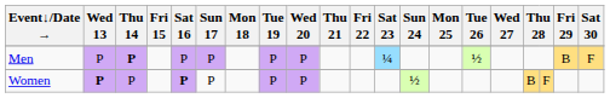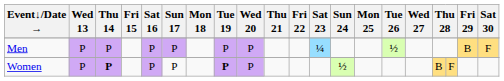 <table class="wikitable" style="margin:0.5em auto; font-size:90%; line-height:1.25em;">
 <tr style="text-align:center;">
 <th>Event↓/Date →</th>
 <th>Wed 13</th>
 <th>Thu 14</th>
 <th>Fri 15</th>
 <th>Sat 16</th>
 <th>Sun 17</th>
 <th>Mon 18</th>
 <th>Tue 19</th>
 <th>Wed 20</th>
 <th>Thu 21</th>
 <th>Fri 22</th>
 <th>Sat 23</th>
 <th>Sun 24</th>
 <th>Mon 25</th>
 <th>Tue 26</th>
 <th>Wed 27</th>
 <th colspan=2>Thu 28</th>
 <th>Fri 29</th>
 <th>Sat 30</th>
 </tr>
 <tr>
 </tr>
 <tr style="text-align:center;">
 <td style="text-align:left;"><a href='#'>Men</a></td>
 <td style="background-color:#D0A9F5;">P</td>
-<td style="background-color:#D0A9F5;"><strong>P</strong></td>
+<td style="background-color:#D0A9F5;">P</td>
 <td></td>
 <td style="background-color:#D0A9F5;">P</td>
 <td style="background-color:#D0A9F5;">P</td>
 <td></td>
 <td style="background-color:#D0A9F5;">P</td>
 <td style="background-color:#D0A9F5;">P</td>
 <td></td>
 <td></td>
 <td style="background-color:#97DEFF;">¼</td>
 <td></td>
 <td></td>
 <td style="background-color:#D9FFB2;">½</td>
 <td></td>
 <td colspan=2></td>
 <td style="background-color:#FFDF80;">B</td>
 <td style="background-color:#FFDF80;">F</td>
 </tr>
 <tr>
 </tr>
 <tr style="text-align:center;">
 <td style="text-align:left;"><a href='#'>Women</a></td>
+<td style="background-color:#D0A9F5;">P</td>
 <td style="background-color:#D0A9F5;"><strong>P</strong></td>
+<td></td>
 <td style="background-color:#D0A9F5;">P</td>
+<td style="background-color:#DOA9F5;">P</td>
 <td></td>
 <td style="background-color:#D0A9F5;"><strong>P</strong></td>
-<td style="background-color:#DOA9F5;">P</td>
-<td></td>
-<td style="background-color:#D0A9F5;">P</td>
 <td style="background-color:#D0A9F5;">P</td>
 <td></td>
 <td></td>
 <td></td>
 <td style="background-color:#D9FFB2;">½</td>
 <td></td>
 <td></td>
 <td></td>
 <td style="background-color:#FFDF80;">B</td>
 <td style="background-color:#FFDF80;">F</td>
 <td></td>
 <td></td>
 </tr>
 </table>
